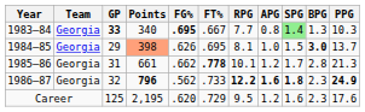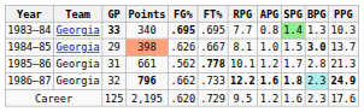 <table class="wikitable" style="text-align:center">
 <tr>
 <th>Year</th>
 <th>Team</th>
 <th>GP</th>
 <th>Points</th>
 <th>FG%</th>
 <th>FT%</th>
 <th>RPG</th>
 <th>APG</th>
 <th>SPG</th>
 <th>BPG</th>
 <th>PPG</th>
 </tr>
 <tr>
 <td>1983–84</td>
 <td><a href='#'>Georgia</a></td>
 <td><strong>33</strong></td>
 <td>340</td>
 <td><strong>.695</strong></td>
-<td>.667</td>
+<td>.695</td>
 <td>7.7</td>
 <td>0.8</td>
 <td style="background: lightgreen;">1.4</td>
 <td>1.3</td>
 <td>10.3</td>
 </tr>
 <tr>
 <td>1984–85</td>
 <td><a href='#'>Georgia</a></td>
 <td>29</td>
 <td style="background: lightsalmon;">398</td>
 <td>.626</td>
-<td>.695</td>
+<td>.667</td>
 <td>8.1</td>
 <td>1.0</td>
 <td>1.5</td>
 <td><strong>3.0</strong></td>
 <td>13.7</td>
 </tr>
 <tr>
 <td>1985–86</td>
 <td>Georgia</td>
 <td>31</td>
 <td>661</td>
-<td>.662</td>
+<td>.562</td>
 <td><strong>.778</strong></td>
 <td>10.1</td>
 <td>1.2</td>
 <td>1.7</td>
 <td>2.8</td>
 <td>21.3</td>
 </tr>
 <tr>
 <td>1986–87</td>
 <td>Georgia</td>
 <td>32</td>
 <td><strong>796</strong></td>
-<td>.562</td>
+<td>.662</td>
 <td>.733</td>
 <td><strong>12.2</strong></td>
 <td><strong>1.6</strong></td>
 <td><strong>1.8</strong></td>
-<td>2.3</td>
+<td style="background: paleturquoise;">2.3</td>
 <td><strong>24.9</strong></td>
 </tr>
 <tr>
 <td colspan=2; align=center>Career</td>
 <td>125</td>
 <td>2,195</td>
 <td>.620</td>
 <td>.729</td>
 <td>9.5</td>
 <td>1.2</td>
 <td>1.6</td>
 <td>2.3</td>
 <td>17.6</td>
 </tr>
 </table>
